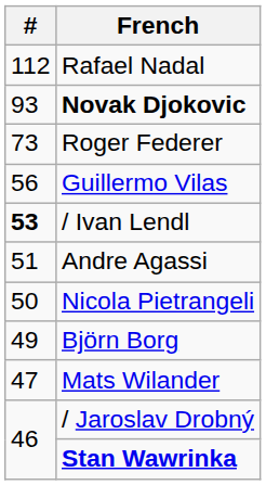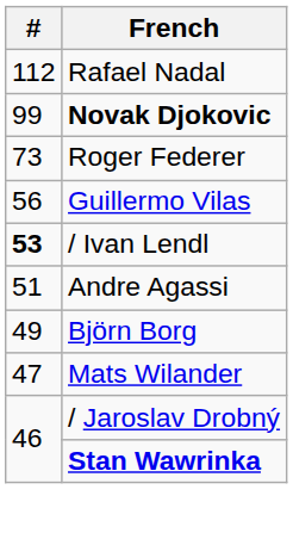 <table class=wikitable style="display:inline-table;">
 <tr>
 <th>#</th>
 <th>French</th>
 </tr>
 <tr>
 <td>112</td>
 <td> Rafael Nadal</td>
 </tr>
 <tr>
-<td>93</td>
+<td>99</td>
 <td> <strong>Novak Djokovic</strong></td>
 </tr>
 <tr>
 <td>73</td>
 <td> Roger Federer</td>
 </tr>
 <tr>
 <td>56</td>
 <td> <a href='#'>Guillermo Vilas</a></td>
 </tr>
 <tr>
 <td><strong>53</strong></td>
 <td>/ Ivan Lendl</td>
 </tr>
 <tr>
 <td>51</td>
 <td> Andre Agassi</td>
 </tr>
 <tr>
-<td>50</td>
-<td> <a href='#'>Nicola Pietrangeli</a></td>
-</tr>
-<tr>
 <td>49</td>
 <td> <a href='#'>Björn Borg</a></td>
 </tr>
 <tr>
 <td>47</td>
 <td> <a href='#'>Mats Wilander</a></td>
 </tr>
 <tr>
 <td rowspan=2>46</td>
 <td>/ <a href='#'>Jaroslav Drobný</a></td>
 </tr>
 <tr>
 <td> <strong><a href='#'>Stan Wawrinka</a></strong></td>
 </tr>
 </table>
